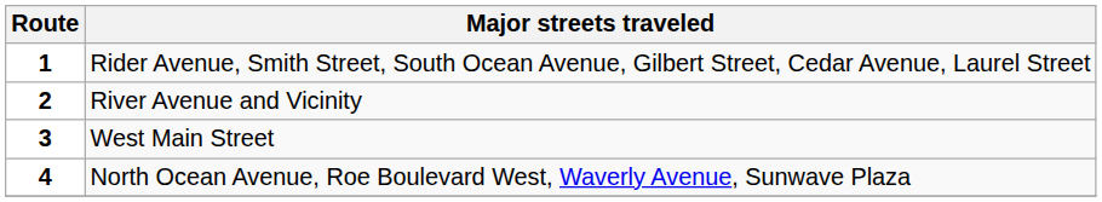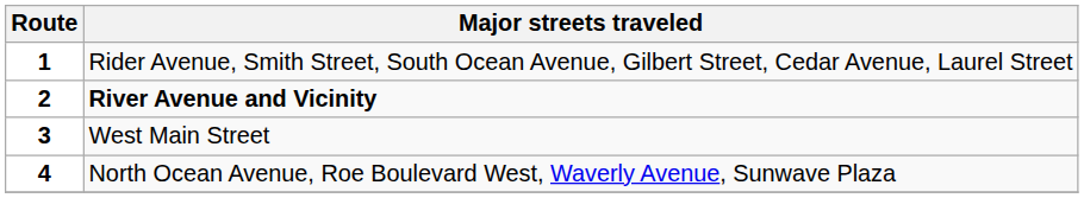 <table class=wikitable>
 <tr>
 <th>Route</th>
 <th>Major streets traveled</th>
 </tr>
 <tr>
 <td style="background:white; color:black" align="center" valign=top><div><strong>1</strong></div></td>
 <td>Rider Avenue, Smith Street, South Ocean Avenue, Gilbert Street, Cedar Avenue, Laurel Street</td>
 </tr>
 <tr>
 <td style="background:white; color:black" align="center" valign=top><div><strong>2</strong></div></td>
-<td>River Avenue and Vicinity</td>
+<td><strong>River Avenue and Vicinity</strong></td>
 </tr>
 <tr>
 <td style="background:white; color:black" align="center" valign=top><div><strong>3</strong></div></td>
 <td>West Main Street</td>
 </tr>
 <tr>
 <td style="background:white; color:black" align="center" valign=top><div><strong>4</strong></div></td>
 <td>North Ocean Avenue, Roe Boulevard West, <a href='#'>Waverly Avenue</a>, Sunwave Plaza</td>
 </tr>
 <tr>
 </tr>
 </table>
